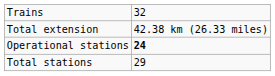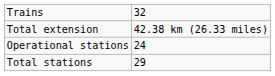 <table class="wikitable">
 <tr>
 <td>Trains</td>
 <td>32</td>
 </tr>
 <tr>
 <td>Total extension</td>
 <td>42.38 km (26.33 miles)</td>
 </tr>
 <tr>
 <td>Operational stations</td>
-<td><strong>24</strong></td>
+<td>24</td>
 </tr>
 <tr>
 <td>Total stations</td>
 <td>29</td>
 </tr>
 </table>
